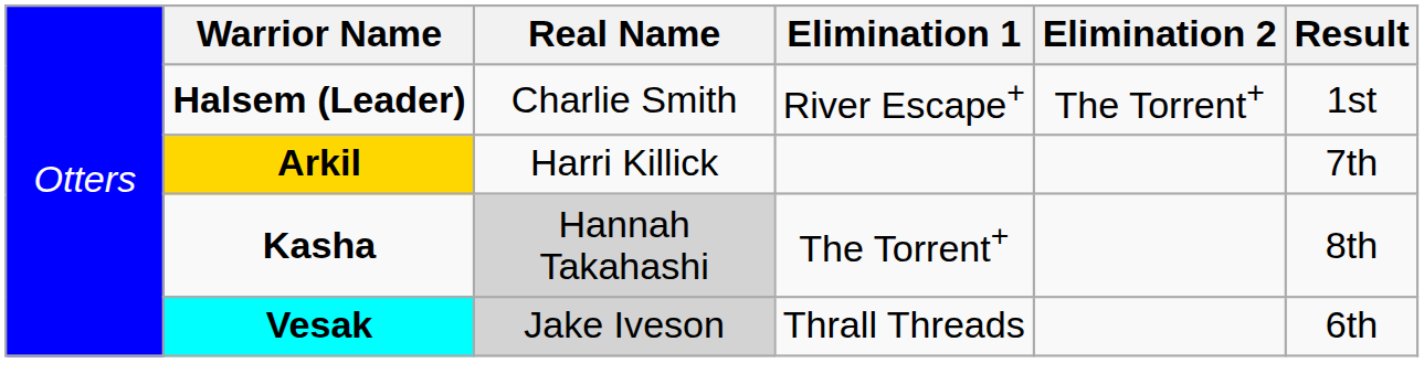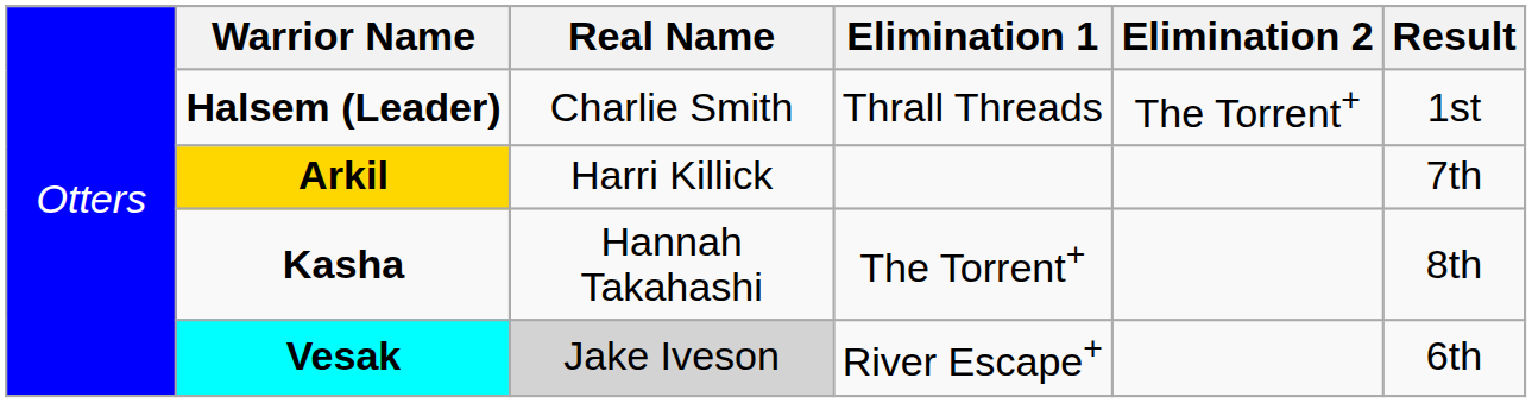 <table class="wikitable">
 <tr>
 <td rowspan="5" bgcolor="blue" style="color:white" width="60" align="center"><em>Otters</em></td>
 <th>Warrior Name</th>
 <th>Real Name</th>
 <th>Elimination 1</th>
 <th>Elimination 2</th>
 <th>Result</th>
 </tr>
 <tr>
 <td align="center"><strong>Halsem (Leader)</strong></td>
 <td width="120px" align="center">Charlie Smith</td>
-<td align="center">River Escape<sup>+</sup></td>
+<td align="center">Thrall Threads</td>
 <td align="center">The Torrent<sup>+</sup></td>
 <td align="center">1st</td>
 </tr>
 <tr>
 <td align="center" bgcolor="FFD700"><strong>Arkil</strong></td>
 <td align="center">Harri Killick</td>
 <td align="center"></td>
 <td></td>
 <td align="center">7th</td>
 </tr>
 <tr>
 <td align="center"><strong>Kasha</strong></td>
-<td align="center" style="background: lightgrey;">Hannah Takahashi</td>
+<td align="center">Hannah Takahashi</td>
 <td align="center">The Torrent<sup>+</sup></td>
 <td></td>
 <td align="center">8th</td>
 </tr>
 <tr>
 <td align="center" bgcolor="cyan"><strong>Vesak</strong></td>
 <td align="center" style="background: lightgrey;">Jake Iveson</td>
-<td align="center">Thrall Threads</td>
+<td align="center">River Escape<sup>+</sup></td>
 <td align="center"></td>
 <td align="center">6th</td>
 </tr>
 </table>
